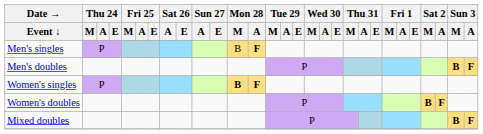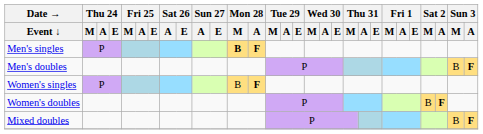 <table class="wikitable" style="margin:0.5em auto; font-size:90%; line-height:1.25em;">
 <tr style="text-align:center;">
 <th>Date →</th>
 <th colspan="3">Thu 24</th>
 <th colspan="3">Fri 25</th>
 <th colspan="2">Sat 26</th>
 <th colspan="2">Sun 27</th>
 <th colspan="2">Mon 28</th>
 <th colspan="3">Tue 29</th>
 <th colspan="3">Wed 30</th>
 <th colspan="3">Thu 31</th>
 <th colspan="3">Fri 1</th>
 <th colspan="2">Sat 2</th>
 <th colspan="2">Sun 3</th>
 </tr>
 <tr>
 <th>Event   ↓</th>
 <th>M</th>
 <th>A</th>
 <th>E</th>
 <th>M</th>
 <th>A</th>
 <th>E</th>
 <th>A</th>
 <th>E</th>
 <th>A</th>
 <th>E</th>
 <th>M</th>
 <th>A</th>
 <th>M</th>
 <th>A</th>
 <th>E</th>
 <th>M</th>
 <th>A</th>
 <th>E</th>
 <th>M</th>
 <th>A</th>
 <th>E</th>
 <th>M</th>
 <th>A</th>
 <th>E</th>
 <th>M</th>
 <th>A</th>
 <th>M</th>
 <th>A</th>
 </tr>
 <tr style="text-align:center;">
 <td style="text-align:left;"><a href='#'>Men's singles</a></td>
 <td colspan="3" style="background-color:#D0A9F5">P</td>
 <td colspan="3" style="background-color:#ADD8E5"></td>
 <td colspan="2" style="background-color:#97DEFF"></td>
 <td colspan="2" style="background-color:#D9FFB2"></td>
-<td style="background-color:#FFDF80;">B</td>
+<td style="background-color:#FFDF80;"><strong>B</strong></td>
 <td style="background-color:#FFDF80;"><strong>F</strong></td>
 <td colspan="3"></td>
 <td colspan="3"></td>
 <td colspan="3"></td>
 <td colspan="3"></td>
 <td colspan="2"></td>
 <td colspan="2"></td>
 </tr>
 <tr style="text-align:center;">
 <td style="text-align:left;"><a href='#'>Men's doubles</a></td>
 <td colspan="3"></td>
 <td colspan="3"></td>
 <td colspan="2"></td>
 <td colspan="2"></td>
 <td colspan="2"></td>
 <td colspan="6" style="background-color:#D0A9F5">P</td>
 <td colspan="3" style="background-color:#ADD8E5"></td>
 <td colspan="3" style="background-color:#97DEFF"></td>
 <td colspan="2" style="background-color:#D9FFB2"></td>
-<td style="background-color:#FFDF80;"><strong>B</strong></td>
+<td style="background-color:#FFDF80;">B</td>
 <td style="background-color:#FFDF80;"><strong>F</strong></td>
 </tr>
 <tr style="text-align:center;">
 <td style="text-align:left;"><a href='#'>Women's singles</a></td>
 <td colspan="3" style="background-color:#D0A9F5">P</td>
 <td colspan="3" style="background-color:#ADD8E5"></td>
 <td colspan="2" style="background-color:#97DEFF"></td>
 <td colspan="2" style="background-color:#D9FFB2"></td>
-<td style="background-color:#FFDF80;"><strong>B</strong></td>
+<td style="background-color:#FFDF80;">B</td>
 <td style="background-color:#FFDF80;"><strong>F</strong></td>
 <td colspan="3"></td>
 <td colspan="3"></td>
 <td colspan="3"></td>
 <td colspan="3"></td>
 <td colspan="2"></td>
 <td colspan="2"></td>
 </tr>
 <tr style="text-align:center;">
 <td style="text-align:left;"><a href='#'>Women's doubles</a></td>
 <td colspan="3"></td>
 <td colspan="3"></td>
 <td colspan="2"></td>
 <td colspan="2"></td>
 <td colspan="2"></td>
 <td colspan="6" style="background-color:#D0A9F5">P</td>
 <td colspan="3" style="background-color:#97DEFF"></td>
 <td colspan="3" style="background-color:#D9FFB2"></td>
-<td style="background-color:#FFDF80;"><strong>B</strong></td>
+<td style="background-color:#FFDF80;">B</td>
 <td style="background-color:#FFDF80;"><strong>F</strong></td>
 <td colspan="2"></td>
 </tr>
 <tr style="text-align:center;">
 <td style="text-align:left;"><a href='#'>Mixed doubles</a></td>
 <td colspan="3"></td>
 <td colspan="3"></td>
 <td colspan="2"></td>
 <td colspan="2"></td>
 <td colspan="2"></td>
 <td colspan="7" style="background-color:#D0A9F5">P</td>
 <td colspan="2" style="background-color:#ADD8E5"></td>
 <td colspan="3" style="background-color:#97DEFF"></td>
 <td colspan="2" style="background-color:#D9FFB2"></td>
-<td style="background-color:#FFDF80;"><strong>B</strong></td>
+<td style="background-color:#FFDF80;">B</td>
 <td style="background-color:#FFDF80;"><strong>F</strong></td>
 </tr>
 <tr>
 </tr>
 </table>
